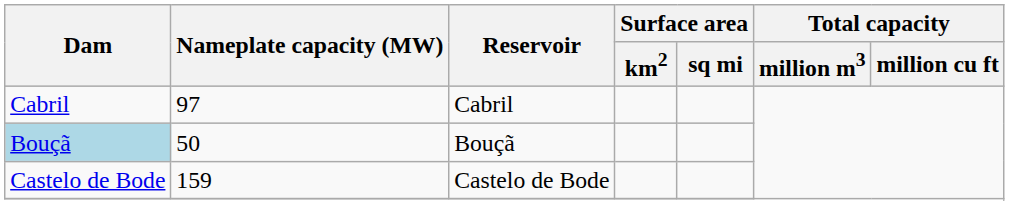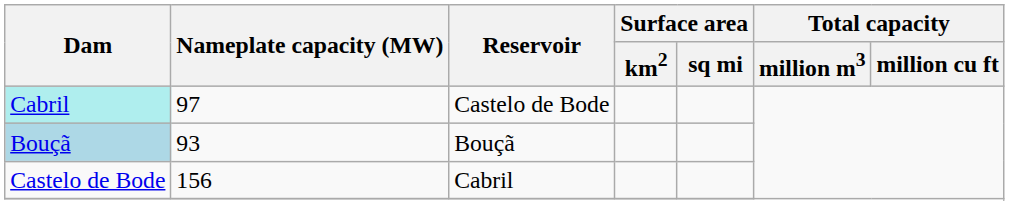 <table class="wikitable sortable">
 <tr>
 <th rowspan=2>Dam</th>
 <th rowspan=2>Nameplate capacity (MW)</th>
 <th rowspan=2>Reservoir</th>
 <th colspan=2>Surface area</th>
 <th colspan=2>Total capacity</th>
 </tr>
 <tr>
 <th>km<sup>2</sup></th>
 <th>sq mi</th>
 <th>million m<sup>3</sup></th>
 <th>million cu ft</th>
 </tr>
 <tr>
-<td><a href='#'>Cabril</a></td>
+<td style="background: paleturquoise;"><a href='#'>Cabril</a></td>
 <td>97</td>
-<td>Cabril</td>
+<td>Castelo de Bode</td>
 <td></td>
 <td></td>
 </tr>
 <tr>
 <td style="background: lightblue;"><a href='#'>Bouçã</a></td>
-<td>50</td>
+<td>93</td>
 <td>Bouçã</td>
 <td></td>
 <td></td>
 </tr>
 <tr>
 <td><a href='#'>Castelo de Bode</a></td>
-<td>159</td>
-<td>Castelo de Bode</td>
+<td>156</td>
+<td>Cabril</td>
 <td></td>
 <td></td>
 </tr>
 <tr>
 </tr>
 </table>
